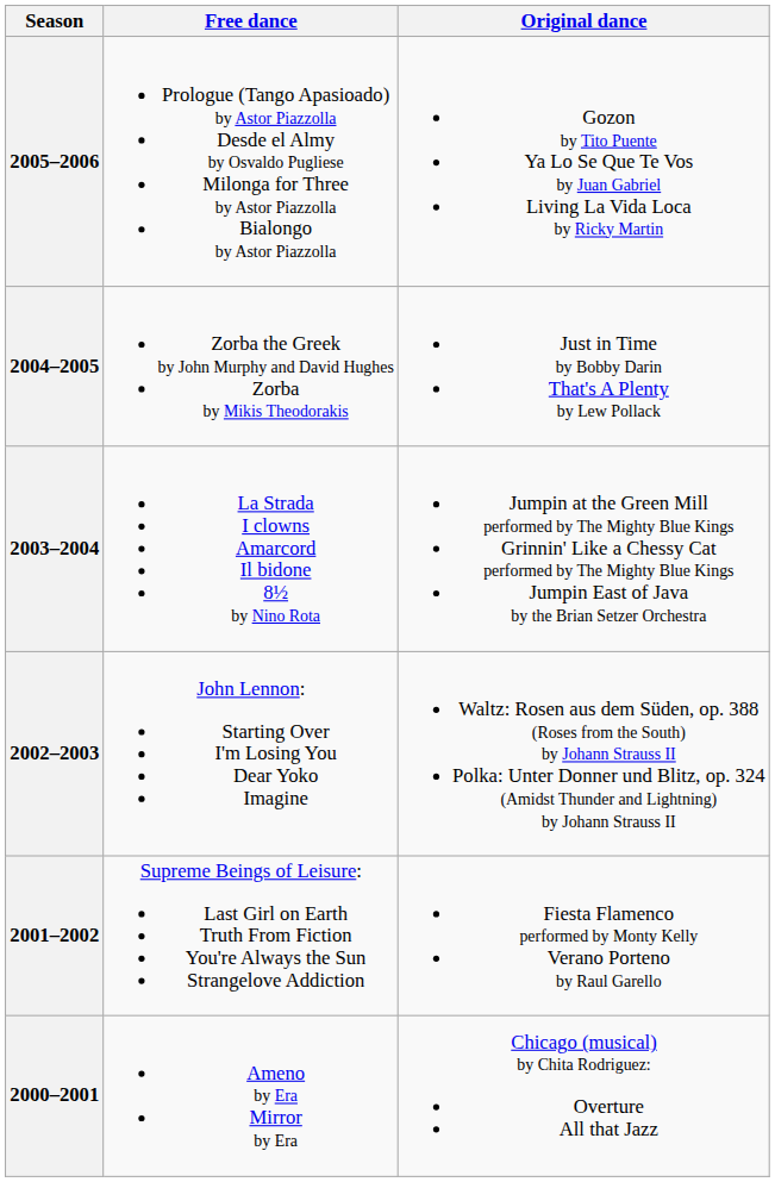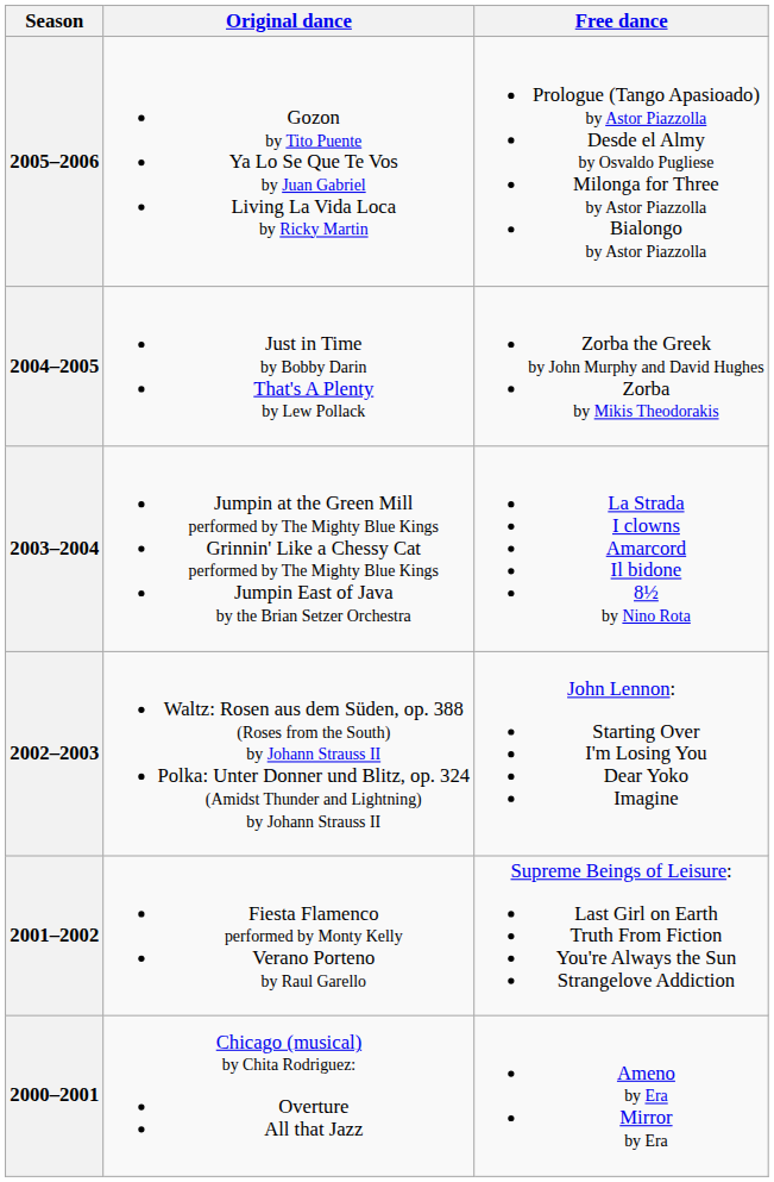 <table class=wikitable style=text-align:center>
 <tr>
 <th>Season</th>
+<th><a href='#'>Original dance</a></th>
 <th><a href='#'>Free dance</a></th>
-<th><a href='#'>Original dance</a></th>
 </tr>
 <tr>
 <th>2005–2006 <br> </th>
+<td><br><ul><li>Gozon <br><small> by <a href='#'>Tito Puente</a> </small></li><li>Ya Lo Se Que Te Vos <br><small> by <a href='#'>Juan Gabriel</a> </small></li><li>Living La Vida Loca <br><small> by <a href='#'>Ricky Martin</a> </small></li></ul></td>
 <td><br><ul><li>Prologue (Tango Apasioado) <br><small> by <a href='#'>Astor Piazzolla</a> </small></li><li>Desde el Almy <br><small> by Osvaldo Pugliese </small></li><li>Milonga for Three <br><small> by Astor Piazzolla </small></li><li>Bialongo <br><small> by Astor Piazzolla </small></li></ul></td>
-<td><br><ul><li>Gozon <br><small> by <a href='#'>Tito Puente</a> </small></li><li>Ya Lo Se Que Te Vos <br><small> by <a href='#'>Juan Gabriel</a> </small></li><li>Living La Vida Loca <br><small> by <a href='#'>Ricky Martin</a> </small></li></ul></td>
 </tr>
 <tr>
 <th>2004–2005 <br> </th>
+<td><br><ul><li>Just in Time <br><small> by Bobby Darin </small></li><li><a href='#'>That's A Plenty</a> <br><small> by Lew Pollack </small></li></ul></td>
 <td><br><ul><li>Zorba the Greek <br><small> by John Murphy and David Hughes </small></li><li>Zorba <br><small> by <a href='#'>Mikis Theodorakis</a> </small></li></ul></td>
-<td><br><ul><li>Just in Time <br><small> by Bobby Darin </small></li><li><a href='#'>That's A Plenty</a> <br><small> by Lew Pollack </small></li></ul></td>
 </tr>
 <tr>
 <th>2003–2004 <br> </th>
+<td><br><ul><li>Jumpin at the Green Mill <br><small> performed by The Mighty Blue Kings </small></li><li>Grinnin' Like a Chessy Cat <br><small> performed by The Mighty Blue Kings </small></li><li>Jumpin East of Java <br><small> by the Brian Setzer Orchestra </small></li></ul></td>
 <td><br><ul><li><a href='#'>La Strada</a></li><li><a href='#'>I clowns</a></li><li><a href='#'>Amarcord</a></li><li><a href='#'>Il bidone</a></li><li><a href='#'>8½</a> <br><small> by <a href='#'>Nino Rota</a> </small></li></ul></td>
-<td><br><ul><li>Jumpin at the Green Mill <br><small> performed by The Mighty Blue Kings </small></li><li>Grinnin' Like a Chessy Cat <br><small> performed by The Mighty Blue Kings </small></li><li>Jumpin East of Java <br><small> by the Brian Setzer Orchestra </small></li></ul></td>
 </tr>
 <tr>
 <th>2002–2003 <br> </th>
+<td><br><ul><li>Waltz: Rosen aus dem Süden, op. 388 <br><small> (Roses from the South) <br> by <a href='#'>Johann Strauss II</a> </small></li><li>Polka: Unter Donner und Blitz, op. 324 <br><small> (Amidst Thunder and Lightning) <br> by Johann Strauss II </small></li></ul></td>
 <td><a href='#'>John Lennon</a>:<br><ul><li>Starting Over</li><li>I'm Losing You</li><li>Dear Yoko</li><li>Imagine</li></ul></td>
-<td><br><ul><li>Waltz: Rosen aus dem Süden, op. 388 <br><small> (Roses from the South) <br> by <a href='#'>Johann Strauss II</a> </small></li><li>Polka: Unter Donner und Blitz, op. 324 <br><small> (Amidst Thunder and Lightning) <br> by Johann Strauss II </small></li></ul></td>
 </tr>
 <tr>
 <th>2001–2002 <br> </th>
+<td><br><ul><li>Fiesta Flamenco <br><small> performed by Monty Kelly </small></li><li>Verano Porteno <br><small> by Raul Garello </small></li></ul></td>
 <td><a href='#'>Supreme Beings of Leisure</a>:<br><ul><li>Last Girl on Earth</li><li>Truth From Fiction</li><li>You're Always the Sun</li><li>Strangelove Addiction</li></ul></td>
-<td><br><ul><li>Fiesta Flamenco <br><small> performed by Monty Kelly </small></li><li>Verano Porteno <br><small> by Raul Garello </small></li></ul></td>
 </tr>
 <tr>
 <th>2000–2001 <br> </th>
+<td><a href='#'>Chicago (musical)</a> <br><small> by Chita Rodriguez: </small><br><ul><li>Overture</li><li>All that Jazz</li></ul></td>
 <td><br><ul><li><a href='#'>Ameno</a> <br><small> by <a href='#'>Era</a> </small></li><li><a href='#'>Mirror</a> <br><small> by Era </small></li></ul></td>
-<td><a href='#'>Chicago (musical)</a> <br><small> by Chita Rodriguez: </small><br><ul><li>Overture</li><li>All that Jazz</li></ul></td>
 </tr>
 </table>
